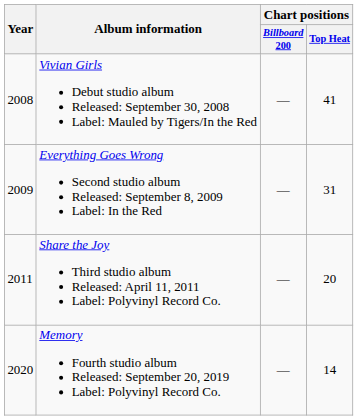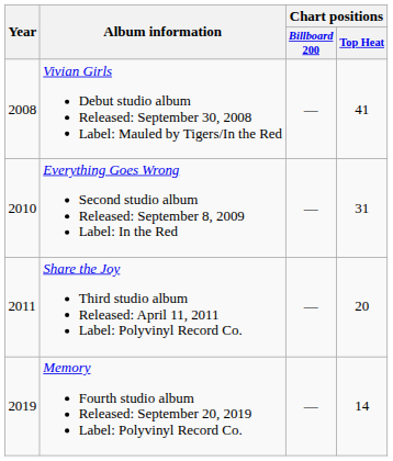 <table class="wikitable">
 <tr>
 <th rowspan="2">Year</th>
 <th rowspan="2">Album information</th>
 <th colspan="5">Chart positions</th>
 </tr>
 <tr>
 <th style="width:4em;font-size:80%"><a href='#'><em>Billboard</em> 200</a></th>
 <th style="width:4em;font-size:80%"><a href='#'>Top Heat</a><br></th>
 </tr>
 <tr>
 <td>2008</td>
 <td><em><a href='#'>Vivian Girls</a></em><br><ul><li>Debut studio album</li><li>Released: September 30, 2008</li><li>Label: Mauled by Tigers/In the Red</li></ul></td>
 <td style="text-align:center;">—</td>
 <td style="text-align:center;">41</td>
 </tr>
 <tr>
-<td>2009</td>
+<td>2010</td>
 <td><em><a href='#'>Everything Goes Wrong</a></em><br><ul><li>Second studio album</li><li>Released: September 8, 2009</li><li>Label: In the Red</li></ul></td>
 <td style="text-align:center;">—</td>
 <td style="text-align:center;">31</td>
 </tr>
 <tr>
 <td>2011</td>
 <td><em><a href='#'>Share the Joy</a></em><br><ul><li>Third studio album</li><li>Released: April 11, 2011</li><li>Label: Polyvinyl Record Co.</li></ul></td>
 <td style="text-align:center;">—</td>
 <td style="text-align:center;">20</td>
 </tr>
 <tr>
-<td>2020</td>
+<td>2019</td>
 <td><em><a href='#'>Memory</a></em><br><ul><li>Fourth studio album</li><li>Released: September 20, 2019</li><li>Label: Polyvinyl Record Co.</li></ul></td>
 <td style="text-align:center;">—</td>
 <td style="text-align:center;">14</td>
 </tr>
 </table>
